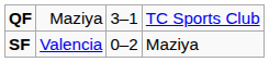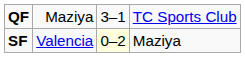 <table class="wikitable" style="font-size:95%">
 <tr>
 <td><strong>QF</strong></td>
 <td align=right>Maziya</td>
 <td>3–1</td>
 <td><a href='#'>TC Sports Club</a></td>
 </tr>
 <tr>
 <td><strong>SF</strong></td>
 <td align=right><a href='#'>Valencia</a></td>
-<td>0–2</td>
+<td style="background: lightyellow;">0–2</td>
 <td>Maziya</td>
 </tr>
 </table>
